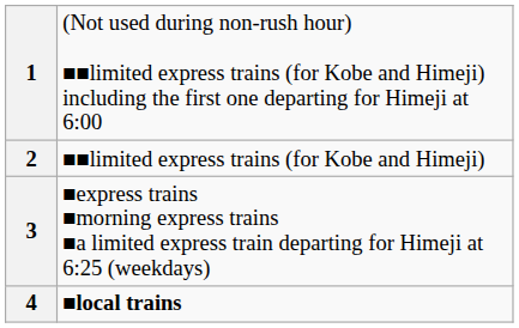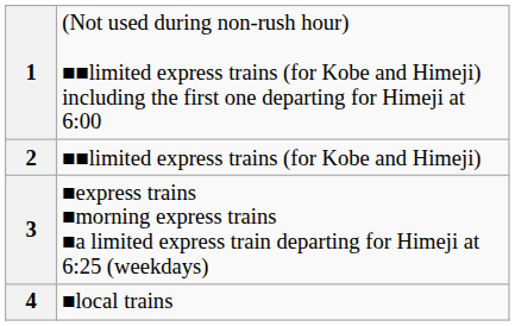 <table class="wikitable">
 <tr>
 <th width="30px">1</th>
 <td width="320px">(Not used during non-rush hour)<br><br><span>■</span><span>■</span>limited express trains (for Kobe and Himeji)<br>including the first one departing for Himeji at 6:00</td>
 </tr>
 <tr>
 <th>2</th>
 <td><span>■</span><span>■</span>limited express trains (for Kobe and Himeji)</td>
 </tr>
 <tr>
 <th>3</th>
 <td><span>■</span>express trains<br><span>■</span>morning express trains<br><span>■</span>a limited express train departing for Himeji at 6:25 (weekdays)</td>
 </tr>
 <tr>
 <th>4</th>
-<td><strong><span>■</span>local trains</strong></td>
+<td><span>■</span>local trains</td>
 </tr>
 </table>
